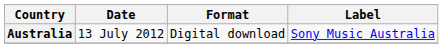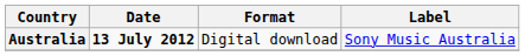 <table class="wikitable plainrowheaders">
 <tr>
 <th scope="col">Country</th>
 <th scope="col">Date</th>
 <th scope="col">Format</th>
 <th scope="col">Label</th>
 </tr>
 <tr>
 <th scope="row">Australia</th>
-<td>13 July 2012</td>
+<td><strong>13 July 2012</strong></td>
 <td>Digital download</td>
 <td><a href='#'>Sony Music Australia</a></td>
 </tr>
 <tr>
 </tr>
 </table>
